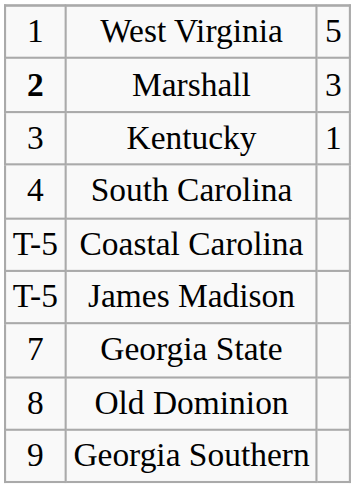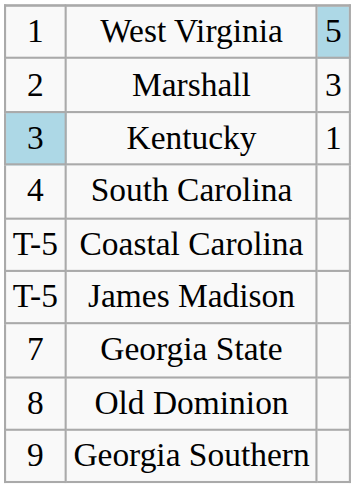 <table class="wikitable" style="display: inline-table;">
 <tr align="center">
 </tr>
 <tr align="center">
 <td>1</td>
 <td>West Virginia</td>
-<td>5</td>
+<td style="background: lightblue;">5</td>
 </tr>
 <tr align="center">
-<td><strong>2</strong></td>
+<td>2</td>
 <td>Marshall</td>
 <td>3</td>
 </tr>
 <tr align="center">
-<td>3</td>
+<td style="background: lightblue;">3</td>
 <td>Kentucky</td>
 <td>1</td>
 </tr>
 <tr align="center">
 <td>4</td>
 <td>South Carolina</td>
 <td></td>
 </tr>
 <tr align="center">
 <td>T-5</td>
 <td>Coastal Carolina</td>
 <td></td>
 </tr>
 <tr align="center">
 <td>T-5</td>
 <td>James Madison</td>
 <td></td>
 </tr>
 <tr align="center">
 <td>7</td>
 <td>Georgia State</td>
 <td></td>
 </tr>
 <tr align="center">
 <td>8</td>
 <td>Old Dominion</td>
 <td></td>
 </tr>
 <tr align="center">
 <td>9</td>
 <td>Georgia Southern</td>
 <td></td>
 </tr>
 </table>
